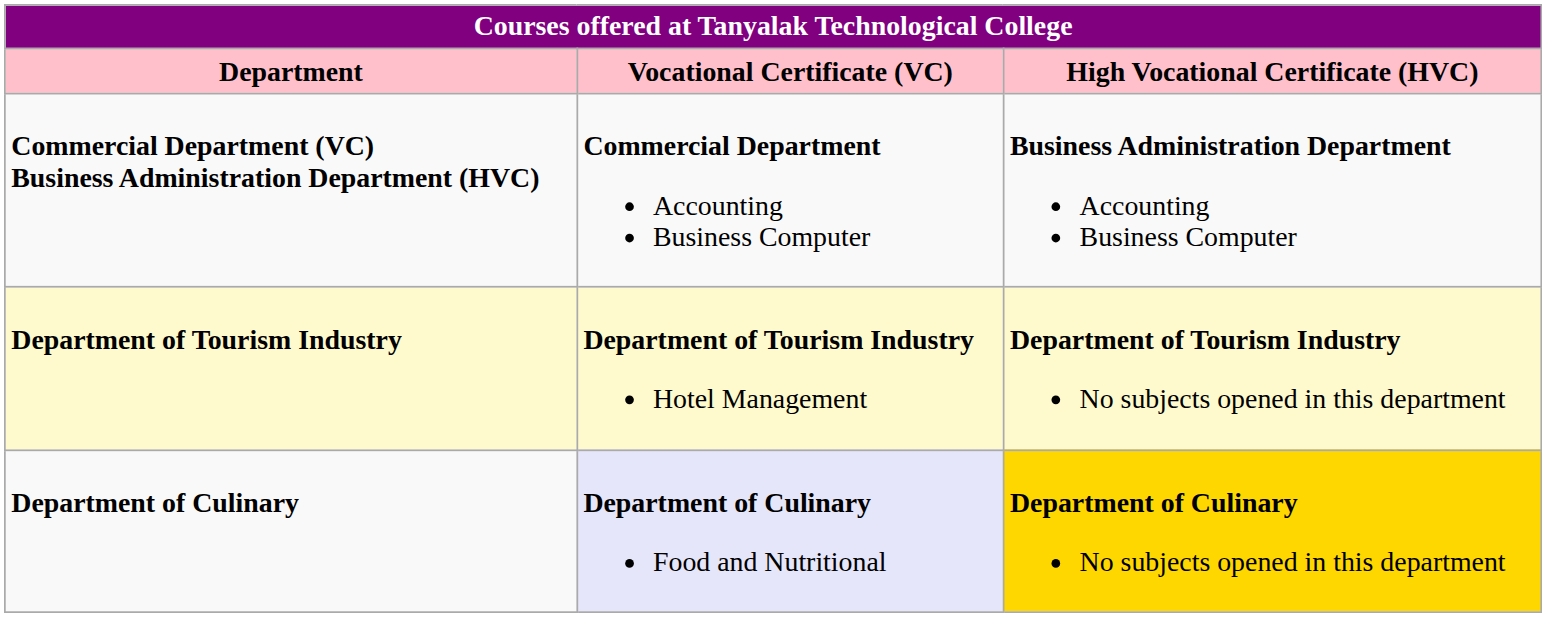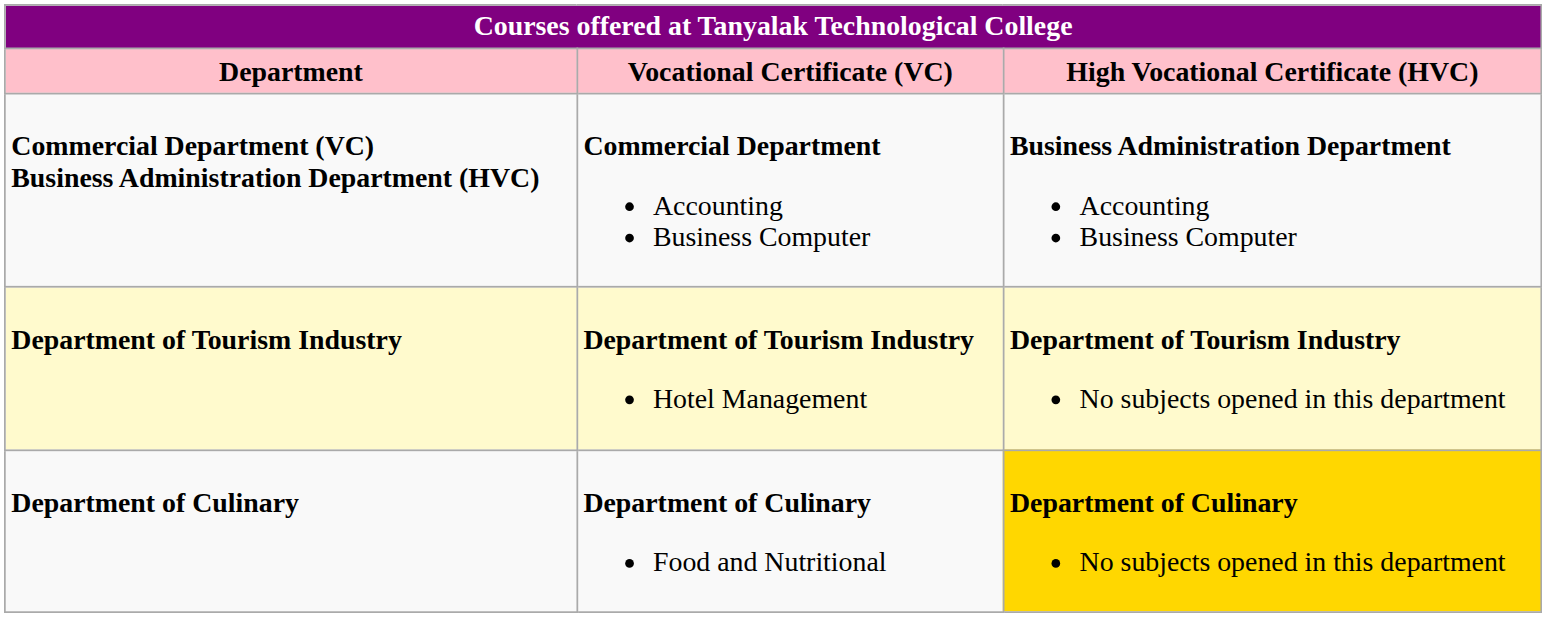 <table class = "wikitable" width = 100%>
 <tr>
 <th colspan = "4" style = "background: purple; color:white; ">Courses offered at Tanyalak Technological College</th>
 </tr>
 <tr>
 <th style = "background: pink; color:black; ">Department</th>
 <th style = "background: pink; color:black; ">Vocational Certificate (VC)</th>
 <th style = "background: pink; color:black; ">High Vocational Certificate (HVC)</th>
 </tr>
 <tr>
 <td valign = "top"><br><strong>Commercial Department (VC)<br>Business Administration Department (HVC)</strong></td>
 <td valign = "top"><br><strong>Commercial Department</strong><ul><li>Accounting</li><li>Business Computer</li></ul></td>
 <td valign = "top"><br><strong>Business Administration Department</strong><ul><li>Accounting</li><li>Business Computer</li></ul></td>
 </tr>
 <tr>
 <td valign = "top" style = "background: #FFFACD "><br><strong>Department of Tourism Industry</strong></td>
 <td valign = "top" style = "background: #FFFACD "><br><strong>Department of Tourism Industry</strong><ul><li>Hotel Management</li></ul></td>
 <td valign = "top" style = "background: #FFFACD "><br><strong>Department of Tourism Industry</strong><ul><li>No subjects opened in this department</li></ul></td>
 </tr>
 <tr>
 <td valign = "top"><br><strong>Department of Culinary</strong></td>
-<td valign = "top" style="background: lavender;"><br><strong>Department of Culinary</strong><ul><li>Food and Nutritional</li></ul></td>
+<td valign = "top"><br><strong>Department of Culinary</strong><ul><li>Food and Nutritional</li></ul></td>
 <td valign = "top" style="background: gold;"><br><strong>Department of Culinary</strong><ul><li>No subjects opened in this department</li></ul></td>
 </tr>
 </table>
